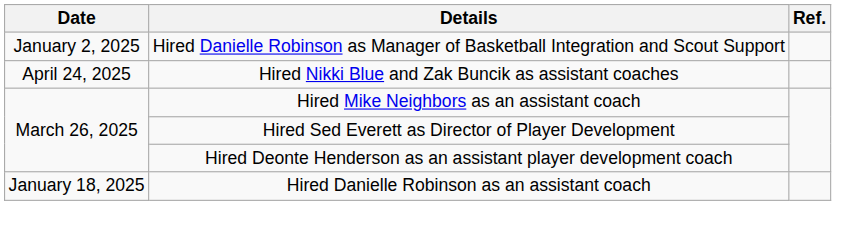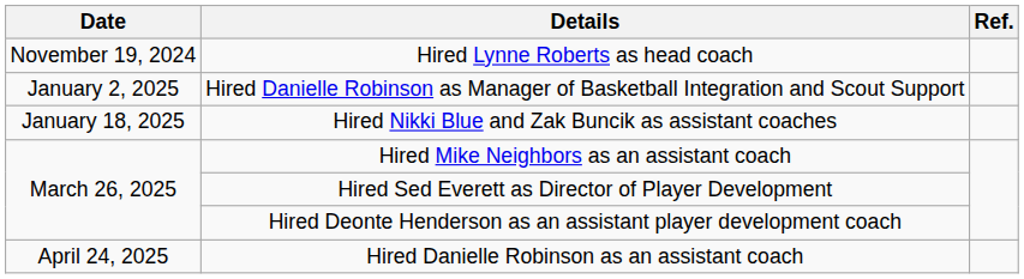 <table class="wikitable sortable sortable" style="text-align: center">
 <tr>
 <th>Date</th>
 <th>Details</th>
 <th>Ref.</th>
 </tr>
 <tr>
+<td>November 19, 2024</td>
+<td>Hired <a href='#'>Lynne Roberts</a> as head coach</td>
+<td></td>
+</tr>
+<tr>
 <td>January 2, 2025</td>
 <td>Hired <a href='#'>Danielle Robinson</a> as Manager of Basketball Integration and Scout Support</td>
 <td></td>
 </tr>
 <tr>
-<td>April 24, 2025</td>
+<td>January 18, 2025</td>
 <td>Hired <a href='#'>Nikki Blue</a> and Zak Buncik as assistant coaches</td>
 <td></td>
 </tr>
 <tr>
 <td rowspan=3>March 26, 2025</td>
 <td>Hired <a href='#'>Mike Neighbors</a> as an assistant coach</td>
 <td rowspan=3></td>
 </tr>
 <tr>
 <td>Hired Sed Everett as Director of Player Development</td>
 </tr>
 <tr>
 <td>Hired Deonte Henderson as an assistant player development coach</td>
 </tr>
 <tr>
-<td>January 18, 2025</td>
+<td>April 24, 2025</td>
 <td>Hired Danielle Robinson as an assistant coach<br></td>
 <td></td>
 </tr>
 </table>
